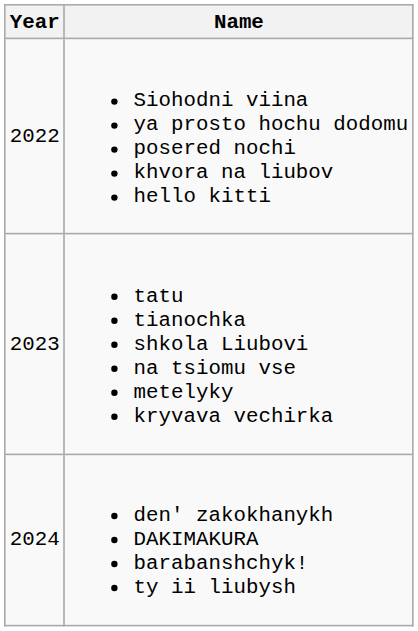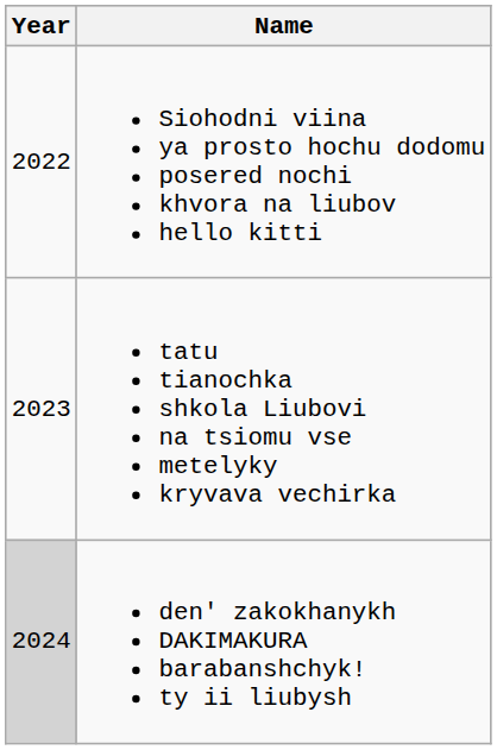 <table class="wikitable">
 <tr>
 <th>Year</th>
 <th>Name</th>
 </tr>
 <tr>
 <td>2022</td>
 <td><br><ul><li>Siohodni viina</li><li>ya prosto hochu dodomu</li><li>posered nochi</li><li>khvora na liubov</li><li>hello kitti</li></ul></td>
 </tr>
 <tr>
 <td>2023</td>
 <td><br><ul><li>tatu</li><li>tianochka</li><li>shkola Liubovi</li><li>na tsiomu vse</li><li>metelyky</li><li>kryvava vechirka</li></ul></td>
 </tr>
 <tr>
-<td>2024</td>
+<td style="background: lightgrey;">2024</td>
 <td><br><ul><li>den' zakokhanykh</li><li>DAKIMAKURA</li><li>barabanshchyk!</li><li>ty ii liubysh</li></ul></td>
 </tr>
 </table>
